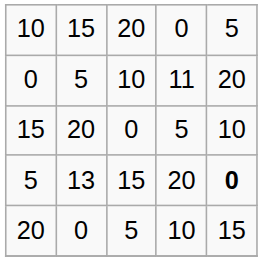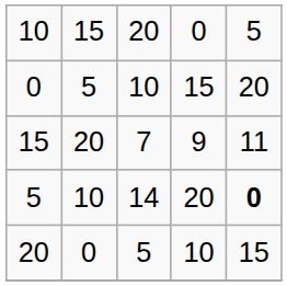 <table class="wikitable" style="margin-left:auto;margin-right:auto;text-align:center;width:10em;height:10em;table-layout:fixed;">
 <tr>
 <td>10</td>
 <td>15</td>
 <td>20</td>
 <td>0</td>
 <td>5</td>
 </tr>
 <tr>
 <td>0</td>
 <td>5</td>
 <td>10</td>
-<td>11</td>
+<td>15</td>
 <td>20</td>
 </tr>
 <tr>
 <td>15</td>
 <td>20</td>
-<td>0</td>
-<td>5</td>
-<td>10</td>
+<td>7</td>
+<td>9</td>
+<td>11</td>
 </tr>
 <tr>
 <td>5</td>
-<td>13</td>
-<td>15</td>
+<td>10</td>
+<td>14</td>
 <td>20</td>
 <td><strong>0</strong></td>
 </tr>
 <tr>
 <td>20</td>
 <td>0</td>
 <td>5</td>
 <td>10</td>
 <td>15</td>
 </tr>
 <tr>
 </tr>
 </table>
